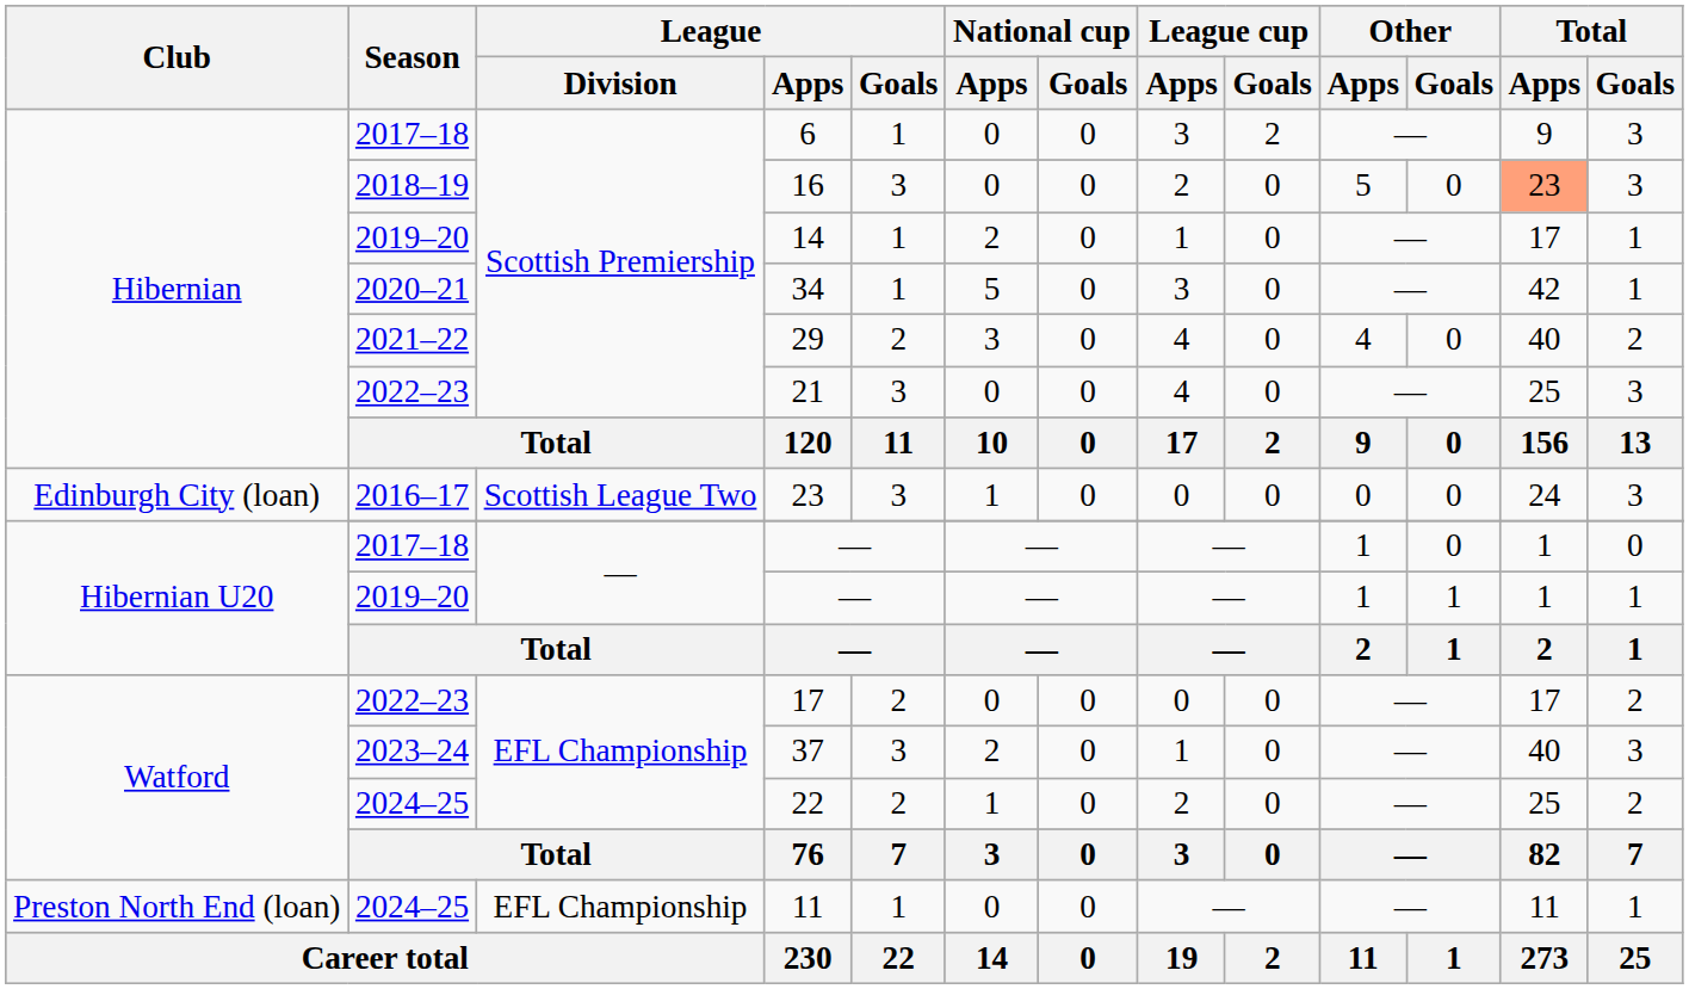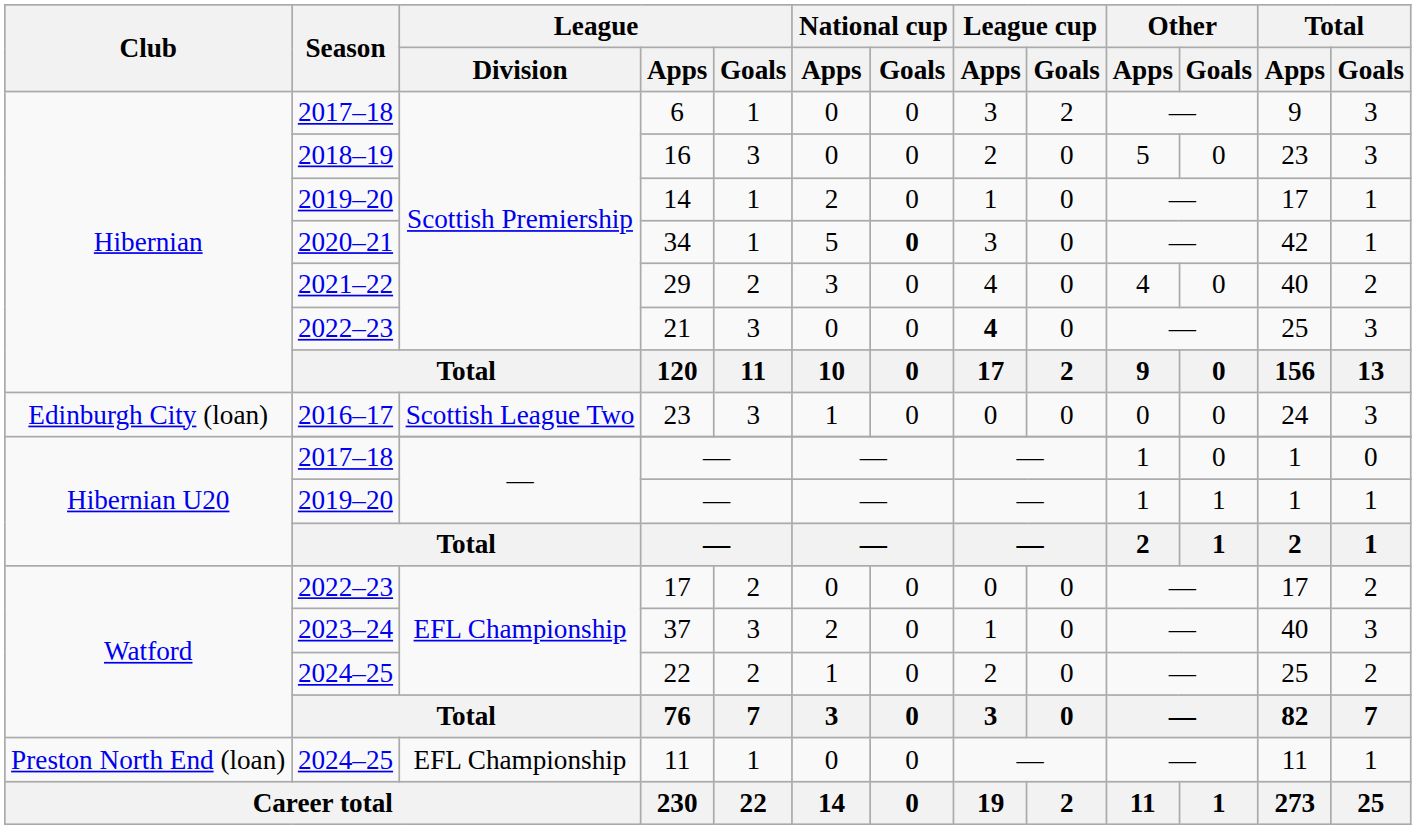 <table class="wikitable" style="text-align: center;">
 <tr>
 <th rowspan="2">Club</th>
 <th rowspan="2">Season</th>
 <th colspan="3">League</th>
 <th colspan="2">National cup</th>
 <th colspan="2">League cup</th>
 <th colspan="2">Other</th>
 <th colspan="2">Total</th>
 </tr>
 <tr>
 <th>Division</th>
 <th>Apps</th>
 <th>Goals</th>
 <th>Apps</th>
 <th>Goals</th>
 <th>Apps</th>
 <th>Goals</th>
 <th>Apps</th>
 <th>Goals</th>
 <th>Apps</th>
 <th>Goals</th>
 </tr>
 <tr>
 <td rowspan="7"><a href='#'>Hibernian</a></td>
 <td><a href='#'>2017–18</a></td>
 <td rowspan="6"><a href='#'>Scottish Premiership</a></td>
 <td>6</td>
 <td>1</td>
 <td>0</td>
 <td>0</td>
 <td>3</td>
 <td>2</td>
 <td colspan="2">—</td>
 <td>9</td>
 <td>3</td>
 </tr>
 <tr>
 <td><a href='#'>2018–19</a></td>
 <td>16</td>
 <td>3</td>
 <td>0</td>
 <td>0</td>
 <td>2</td>
 <td>0</td>
 <td>5</td>
 <td>0</td>
-<td style="background: lightsalmon;">23</td>
+<td>23</td>
 <td>3</td>
 </tr>
 <tr>
 <td><a href='#'>2019–20</a></td>
 <td>14</td>
 <td>1</td>
 <td>2</td>
 <td>0</td>
 <td>1</td>
 <td>0</td>
 <td colspan="2">—</td>
 <td>17</td>
 <td>1</td>
 </tr>
 <tr>
 <td><a href='#'>2020–21</a></td>
 <td>34</td>
 <td>1</td>
 <td>5</td>
-<td>0</td>
+<td><strong>0</strong></td>
 <td>3</td>
 <td>0</td>
 <td colspan="2">—</td>
 <td>42</td>
 <td>1</td>
 </tr>
 <tr>
 <td><a href='#'>2021–22</a></td>
 <td>29</td>
 <td>2</td>
 <td>3</td>
 <td>0</td>
 <td>4</td>
 <td>0</td>
 <td>4</td>
 <td>0</td>
 <td>40</td>
 <td>2</td>
 </tr>
 <tr>
 <td><a href='#'>2022–23</a></td>
 <td>21</td>
 <td>3</td>
 <td>0</td>
 <td>0</td>
-<td>4</td>
+<td><strong>4</strong></td>
 <td>0</td>
 <td colspan="2">—</td>
 <td>25</td>
 <td>3</td>
 </tr>
 <tr>
 <th colspan="2">Total</th>
 <th>120</th>
 <th>11</th>
 <th>10</th>
 <th>0</th>
 <th>17</th>
 <th>2</th>
 <th>9</th>
 <th>0</th>
 <th>156</th>
 <th>13</th>
 </tr>
 <tr>
 <td><a href='#'>Edinburgh City</a> (loan)</td>
 <td><a href='#'>2016–17</a></td>
 <td><a href='#'>Scottish League Two</a></td>
 <td>23</td>
 <td>3</td>
 <td>1</td>
 <td>0</td>
 <td>0</td>
 <td>0</td>
 <td>0</td>
 <td>0</td>
 <td>24</td>
 <td>3</td>
 </tr>
 <tr>
 <td rowspan="4"><a href='#'>Hibernian U20</a></td>
 </tr>
 <tr>
 <td><a href='#'>2017–18</a></td>
 <td rowspan="2">—</td>
 <td colspan="2">—</td>
 <td colspan="2">—</td>
 <td colspan="2">—</td>
 <td>1</td>
 <td>0</td>
 <td>1</td>
 <td>0</td>
 </tr>
 <tr>
 <td><a href='#'>2019–20</a></td>
 <td colspan="2">—</td>
 <td colspan="2">—</td>
 <td colspan="2">—</td>
 <td>1</td>
 <td>1</td>
 <td>1</td>
 <td>1</td>
 </tr>
 <tr>
 <th colspan="2">Total</th>
 <th colspan="2">—</th>
 <th colspan="2">—</th>
 <th colspan="2">—</th>
 <th>2</th>
 <th>1</th>
 <th>2</th>
 <th>1</th>
 </tr>
 <tr>
 <td rowspan="4"><a href='#'>Watford</a></td>
 <td><a href='#'>2022–23</a></td>
 <td rowspan="3"><a href='#'>EFL Championship</a></td>
 <td>17</td>
 <td>2</td>
 <td>0</td>
 <td>0</td>
 <td>0</td>
 <td>0</td>
 <td colspan="2">—</td>
 <td>17</td>
 <td>2</td>
 </tr>
 <tr>
 <td><a href='#'>2023–24</a></td>
 <td>37</td>
 <td>3</td>
 <td>2</td>
 <td>0</td>
 <td>1</td>
 <td>0</td>
 <td colspan="2">—</td>
 <td>40</td>
 <td>3</td>
 </tr>
 <tr>
 <td><a href='#'>2024–25</a></td>
 <td>22</td>
 <td>2</td>
 <td>1</td>
 <td>0</td>
 <td>2</td>
 <td>0</td>
 <td colspan="2">—</td>
 <td>25</td>
 <td>2</td>
 </tr>
 <tr>
 <th colspan="2">Total</th>
 <th>76</th>
 <th>7</th>
 <th>3</th>
 <th>0</th>
 <th>3</th>
 <th>0</th>
 <th colspan="2">—</th>
 <th>82</th>
 <th>7</th>
 </tr>
 <tr>
 <td><a href='#'>Preston North End</a> (loan)</td>
 <td><a href='#'>2024–25</a></td>
 <td>EFL Championship</td>
 <td>11</td>
 <td>1</td>
 <td>0</td>
 <td>0</td>
 <td colspan="2">—</td>
 <td colspan="2">—</td>
 <td>11</td>
 <td>1</td>
 </tr>
 <tr>
 <th colspan="3">Career total</th>
 <th>230</th>
 <th>22</th>
 <th>14</th>
 <th>0</th>
 <th>19</th>
 <th>2</th>
 <th>11</th>
 <th>1</th>
 <th>273</th>
 <th>25</th>
 </tr>
 </table>
